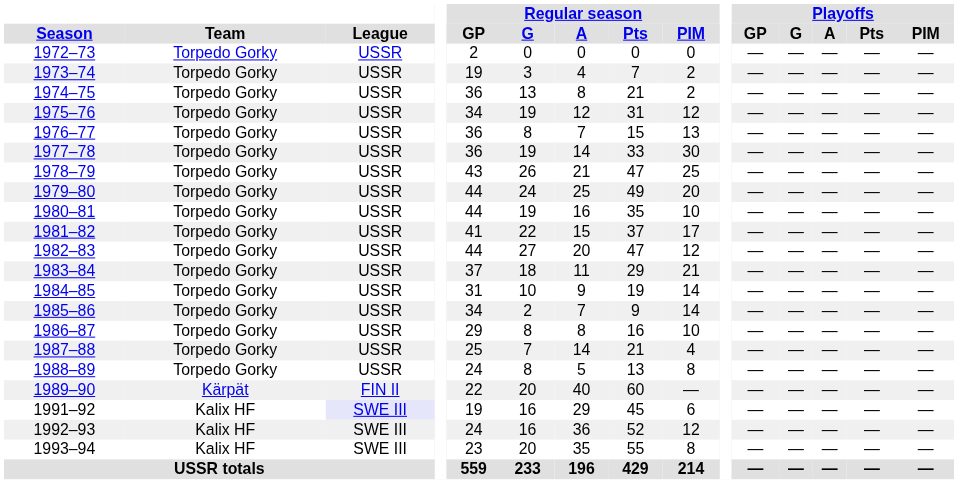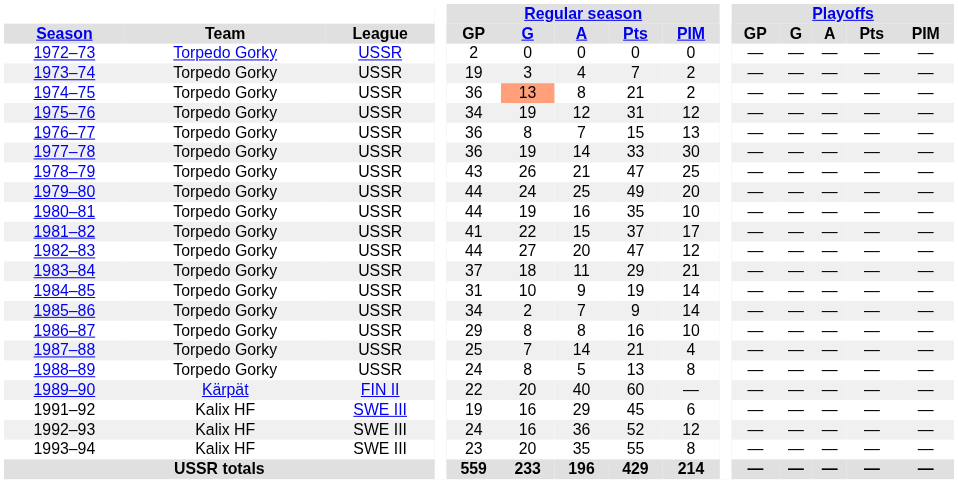 <table border="0" cellpadding="1" cellspacing="0" style="text-align:center; width:60em;">
 <tr style="background:#e0e0e0;">
 <th colspan="3"  bgcolor="#ffffff"> </th>
 <th rowspan="99" bgcolor="#ffffff"> </th>
 <th colspan="5"><a href='#'>Regular season</a></th>
 <th rowspan="99" bgcolor="#ffffff"> </th>
 <th colspan="5"><a href='#'>Playoffs</a></th>
 </tr>
 <tr style="background:#e0e0e0;">
 <th><a href='#'>Season</a></th>
 <th>Team</th>
 <th>League</th>
 <th>GP</th>
 <th><a href='#'>G</a></th>
 <th><a href='#'>A</a></th>
 <th><a href='#'>Pts</a></th>
 <th><a href='#'>PIM</a></th>
 <th>GP</th>
 <th>G</th>
 <th>A</th>
 <th>Pts</th>
 <th>PIM</th>
 </tr>
 <tr>
 <td><a href='#'>1972–73</a></td>
 <td><a href='#'>Torpedo Gorky</a></td>
 <td><a href='#'>USSR</a></td>
 <td>2</td>
 <td>0</td>
 <td>0</td>
 <td>0</td>
 <td>0</td>
 <td>—</td>
 <td>—</td>
 <td>—</td>
 <td>—</td>
 <td>—</td>
 </tr>
 <tr bgcolor="#f0f0f0">
 <td><a href='#'>1973–74</a></td>
 <td>Torpedo Gorky</td>
 <td>USSR</td>
 <td>19</td>
 <td>3</td>
 <td>4</td>
 <td>7</td>
 <td>2</td>
 <td>—</td>
 <td>—</td>
 <td>—</td>
 <td>—</td>
 <td>—</td>
 </tr>
 <tr>
 <td><a href='#'>1974–75</a></td>
 <td>Torpedo Gorky</td>
 <td>USSR</td>
 <td>36</td>
-<td>13</td>
+<td style="background: lightsalmon;">13</td>
 <td>8</td>
 <td>21</td>
 <td>2</td>
 <td>—</td>
 <td>—</td>
 <td>—</td>
 <td>—</td>
 <td>—</td>
 </tr>
 <tr bgcolor="#f0f0f0">
 <td><a href='#'>1975–76</a></td>
 <td>Torpedo Gorky</td>
 <td>USSR</td>
 <td>34</td>
 <td>19</td>
 <td>12</td>
 <td>31</td>
 <td>12</td>
 <td>—</td>
 <td>—</td>
 <td>—</td>
 <td>—</td>
 <td>—</td>
 </tr>
 <tr>
 <td><a href='#'>1976–77</a></td>
 <td>Torpedo Gorky</td>
 <td>USSR</td>
 <td>36</td>
 <td>8</td>
 <td>7</td>
 <td>15</td>
 <td>13</td>
 <td>—</td>
 <td>—</td>
 <td>—</td>
 <td>—</td>
 <td>—</td>
 </tr>
 <tr bgcolor="#f0f0f0">
 <td><a href='#'>1977–78</a></td>
 <td>Torpedo Gorky</td>
 <td>USSR</td>
 <td>36</td>
 <td>19</td>
 <td>14</td>
 <td>33</td>
 <td>30</td>
 <td>—</td>
 <td>—</td>
 <td>—</td>
 <td>—</td>
 <td>—</td>
 </tr>
 <tr>
 <td><a href='#'>1978–79</a></td>
 <td>Torpedo Gorky</td>
 <td>USSR</td>
 <td>43</td>
 <td>26</td>
 <td>21</td>
 <td>47</td>
 <td>25</td>
 <td>—</td>
 <td>—</td>
 <td>—</td>
 <td>—</td>
 <td>—</td>
 </tr>
 <tr bgcolor="#f0f0f0">
 <td><a href='#'>1979–80</a></td>
 <td>Torpedo Gorky</td>
 <td>USSR</td>
 <td>44</td>
 <td>24</td>
 <td>25</td>
 <td>49</td>
 <td>20</td>
 <td>—</td>
 <td>—</td>
 <td>—</td>
 <td>—</td>
 <td>—</td>
 </tr>
 <tr>
 <td><a href='#'>1980–81</a></td>
 <td>Torpedo Gorky</td>
 <td>USSR</td>
 <td>44</td>
 <td>19</td>
 <td>16</td>
 <td>35</td>
 <td>10</td>
 <td>—</td>
 <td>—</td>
 <td>—</td>
 <td>—</td>
 <td>—</td>
 </tr>
 <tr bgcolor="#f0f0f0">
 <td><a href='#'>1981–82</a></td>
 <td>Torpedo Gorky</td>
 <td>USSR</td>
 <td>41</td>
 <td>22</td>
 <td>15</td>
 <td>37</td>
 <td>17</td>
 <td>—</td>
 <td>—</td>
 <td>—</td>
 <td>—</td>
 <td>—</td>
 </tr>
 <tr>
 <td><a href='#'>1982–83</a></td>
 <td>Torpedo Gorky</td>
 <td>USSR</td>
 <td>44</td>
 <td>27</td>
 <td>20</td>
 <td>47</td>
 <td>12</td>
 <td>—</td>
 <td>—</td>
 <td>—</td>
 <td>—</td>
 <td>—</td>
 </tr>
 <tr bgcolor="#f0f0f0">
 <td><a href='#'>1983–84</a></td>
 <td>Torpedo Gorky</td>
 <td>USSR</td>
 <td>37</td>
 <td>18</td>
 <td>11</td>
 <td>29</td>
 <td>21</td>
 <td>—</td>
 <td>—</td>
 <td>—</td>
 <td>—</td>
 <td>—</td>
 </tr>
 <tr>
 <td><a href='#'>1984–85</a></td>
 <td>Torpedo Gorky</td>
 <td>USSR</td>
 <td>31</td>
 <td>10</td>
 <td>9</td>
 <td>19</td>
 <td>14</td>
 <td>—</td>
 <td>—</td>
 <td>—</td>
 <td>—</td>
 <td>—</td>
 </tr>
 <tr bgcolor="#f0f0f0">
 <td><a href='#'>1985–86</a></td>
 <td>Torpedo Gorky</td>
 <td>USSR</td>
 <td>34</td>
 <td>2</td>
 <td>7</td>
 <td>9</td>
 <td>14</td>
 <td>—</td>
 <td>—</td>
 <td>—</td>
 <td>—</td>
 <td>—</td>
 </tr>
 <tr>
 <td><a href='#'>1986–87</a></td>
 <td>Torpedo Gorky</td>
 <td>USSR</td>
 <td>29</td>
 <td>8</td>
 <td>8</td>
 <td>16</td>
 <td>10</td>
 <td>—</td>
 <td>—</td>
 <td>—</td>
 <td>—</td>
 <td>—</td>
 </tr>
 <tr bgcolor="#f0f0f0">
 <td><a href='#'>1987–88</a></td>
 <td>Torpedo Gorky</td>
 <td>USSR</td>
 <td>25</td>
 <td>7</td>
 <td>14</td>
 <td>21</td>
 <td>4</td>
 <td>—</td>
 <td>—</td>
 <td>—</td>
 <td>—</td>
 <td>—</td>
 </tr>
 <tr>
 <td><a href='#'>1988–89</a></td>
 <td>Torpedo Gorky</td>
 <td>USSR</td>
 <td>24</td>
 <td>8</td>
 <td>5</td>
 <td>13</td>
 <td>8</td>
 <td>—</td>
 <td>—</td>
 <td>—</td>
 <td>—</td>
 <td>—</td>
 </tr>
 <tr bgcolor="#f0f0f0">
 <td><a href='#'>1989–90</a></td>
 <td><a href='#'>Kärpät</a></td>
 <td><a href='#'>FIN II</a></td>
 <td>22</td>
 <td>20</td>
 <td>40</td>
 <td>60</td>
 <td>—</td>
 <td>—</td>
 <td>—</td>
 <td>—</td>
 <td>—</td>
 <td>—</td>
 </tr>
 <tr>
 <td>1991–92</td>
 <td>Kalix HF</td>
-<td style="background: lavender;"><a href='#'>SWE III</a></td>
+<td><a href='#'>SWE III</a></td>
 <td>19</td>
 <td>16</td>
 <td>29</td>
 <td>45</td>
 <td>6</td>
 <td>—</td>
 <td>—</td>
 <td>—</td>
 <td>—</td>
 <td>—</td>
 </tr>
 <tr bgcolor="#f0f0f0">
 <td>1992–93</td>
 <td>Kalix HF</td>
 <td>SWE III</td>
 <td>24</td>
 <td>16</td>
 <td>36</td>
 <td>52</td>
 <td>12</td>
 <td>—</td>
 <td>—</td>
 <td>—</td>
 <td>—</td>
 <td>—</td>
 </tr>
 <tr>
 <td>1993–94</td>
 <td>Kalix HF</td>
 <td>SWE III</td>
 <td>23</td>
 <td>20</td>
 <td>35</td>
 <td>55</td>
 <td>8</td>
 <td>—</td>
 <td>—</td>
 <td>—</td>
 <td>—</td>
 <td>—</td>
 </tr>
 <tr bgcolor="#e0e0e0">
 <th colspan="3">USSR totals</th>
 <th>559</th>
 <th>233</th>
 <th>196</th>
 <th>429</th>
 <th>214</th>
 <th>—</th>
 <th>—</th>
 <th>—</th>
 <th>—</th>
 <th>—</th>
 </tr>
 </table>
